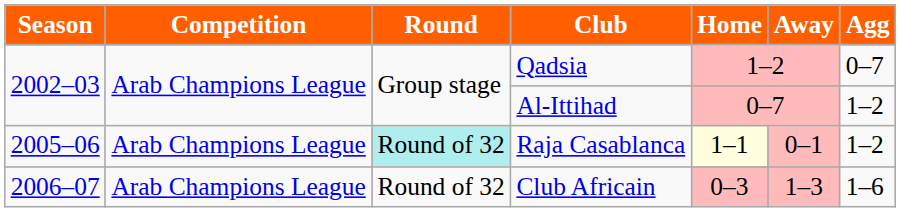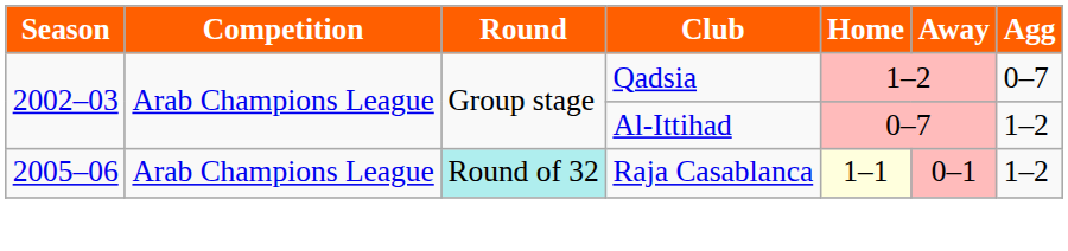 <table class="wikitable">
 <tr>
 <th style="color:white; background: #FF5F00;">Season</th>
 <th style="color:white; background: #FF5F00;">Competition</th>
 <th style="color:white; background:#FF5F00;">Round</th>
 <th style="color:white; background:#FF5F00;">Club</th>
 <th style="color:white; background:#FF5F00;">Home</th>
 <th style="color:white; background:#FF5F00;">Away</th>
 <th style="color:white; background:#FF5F00;">Agg</th>
 </tr>
 <tr>
 <td rowspan=2><a href='#'>2002–03</a></td>
 <td rowspan=2><a href='#'>Arab Champions League</a></td>
 <td rowspan=2>Group stage</td>
 <td> <a href='#'>Qadsia</a></td>
 <td align="center" colspan="2"  style="background: #FFBBBB;">1–2</td>
 <td>0–7</td>
 </tr>
 <tr>
 <td> <a href='#'>Al-Ittihad</a></td>
 <td align="center" colspan="2" style="background: #FFBBBB;">0–7</td>
 <td>1–2</td>
 </tr>
 <tr>
 <td rowspan=1><a href='#'>2005–06</a></td>
 <td rowspan=1><a href='#'>Arab Champions League</a></td>
 <td rowspan=1 style="background: paleturquoise;">Round of 32</td>
 <td> <a href='#'>Raja Casablanca</a></td>
 <td align="center" colspan="1" style="background: #ffd;">1–1</td>
 <td align="center" style="background: #FFBBBB;">0–1</td>
 <td>1–2</td>
 </tr>
-<tr>
-<td rowspan=1><a href='#'>2006–07</a></td>
-<td rowspan=1><a href='#'>Arab Champions League</a></td>
-<td rowspan=1>Round of 32</td>
-<td> <a href='#'>Club Africain</a></td>
-<td align="center" style="background: #FFBBBB;">0–3</td>
-<td align="center" style="background: #FFBBBB;">1–3</td>
-<td>1–6</td>
-</tr>
 </table>
